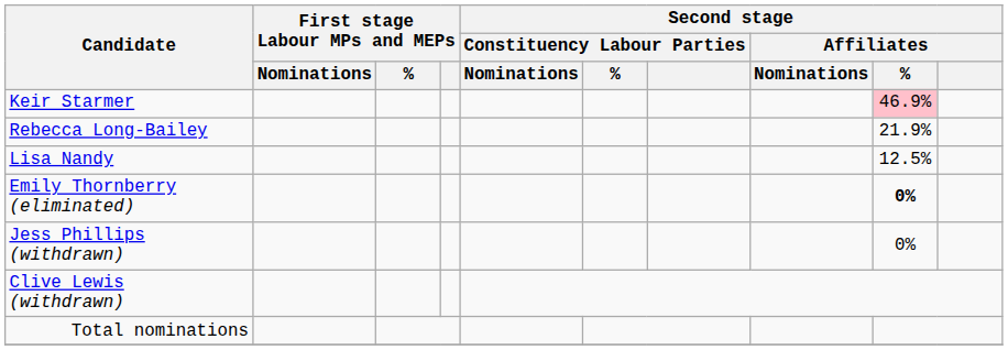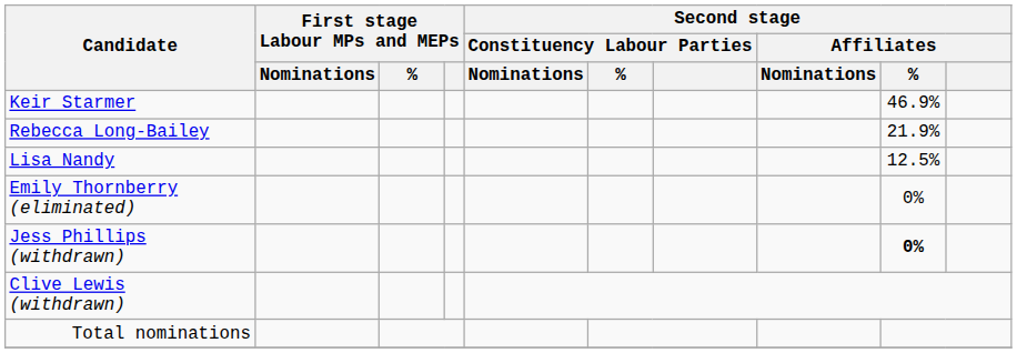 <table class="wikitable" style="font-size:95%; text-align:center">
 <tr>
 <th scope="col" rowspan="3">Candidate</th>
 <th scope="col" colspan="3" rowspan=2>First stage<br>Labour MPs and MEPs</th>
 <th scope="col" colspan="6">Second stage</th>
 </tr>
 <tr>
 <th scope="col" colspan="3">Constituency Labour Parties</th>
 <th scope="col" colspan="3">Affiliates</th>
 </tr>
 <tr>
 <th style="width: 50px">Nominations</th>
 <th style="width: 40px">%</th>
 <th></th>
 <th style="width: 50px">Nominations</th>
 <th style="width: 40px">%</th>
 <th></th>
 <th style="width: 50px">Nominations</th>
 <th style="width: 40px">%</th>
 <th style="width: 40px"></th>
 </tr>
 <tr>
 <td style="width: 170px; text-align:left"><a href='#'>Keir Starmer</a></td>
 <td></td>
 <td></td>
 <td></td>
 <td></td>
 <td></td>
 <td></td>
 <td></td>
-<td style="background: pink;">46.9%</td>
+<td>46.9%</td>
 <td></td>
 </tr>
 <tr>
 <td style="width: 170px; text-align:left"><a href='#'>Rebecca Long-Bailey</a></td>
 <td></td>
 <td></td>
 <td></td>
 <td></td>
 <td></td>
 <td></td>
 <td></td>
 <td>21.9%</td>
 <td></td>
 </tr>
 <tr>
 <td style="width: 170px; text-align:left"><a href='#'>Lisa Nandy</a></td>
 <td></td>
 <td></td>
 <td></td>
 <td></td>
 <td></td>
 <td></td>
 <td></td>
 <td>12.5%</td>
 <td></td>
 </tr>
 <tr>
 <td style="width: 170px; text-align:left"><a href='#'>Emily Thornberry</a> <em>(eliminated)</em></td>
 <td></td>
 <td></td>
 <td></td>
 <td></td>
 <td></td>
 <td></td>
 <td></td>
-<td><strong>0%</strong></td>
+<td>0%</td>
 <td></td>
 </tr>
 <tr>
 <td style="width: 170px; text-align:left"><a href='#'>Jess Phillips</a> <em>(withdrawn)</em></td>
 <td></td>
 <td></td>
 <td></td>
 <td></td>
 <td></td>
 <td></td>
 <td></td>
-<td>0%</td>
+<td><strong>0%</strong></td>
 <td></td>
 </tr>
 <tr>
 <td style="width: 170px; text-align:left"><a href='#'>Clive Lewis</a> <em>(withdrawn)</em></td>
 <td></td>
 <td></td>
 <td></td>
 <td colspan=6 ></td>
 </tr>
 <tr>
 <td style="text-align:right;">Total nominations</td>
 <td></td>
 <td colspan=2></td>
 <td></td>
 <td colspan=2></td>
 <td></td>
 <td colspan=2><br></td>
 </tr>
 <tr>
 </tr>
 </table>
